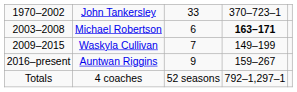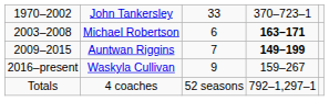 <table class="wikitable" style="text-align:center">
 <tr>
 <td>1970–2002</td>
 <td><a href='#'>John Tankersley</a></td>
 <td>33</td>
 <td>370–723–1</td>
 <td></td>
 </tr>
 <tr>
 <td>2003–2008</td>
 <td><a href='#'>Michael Robertson</a></td>
 <td>6</td>
 <td><strong>163–171</strong></td>
 <td></td>
 </tr>
 <tr>
 <td>2009–2015</td>
-<td><a href='#'>Waskyla Cullivan</a></td>
+<td><a href='#'>Auntwan Riggins</a></td>
 <td>7</td>
-<td>149–199</td>
+<td><strong>149–199</strong></td>
 <td></td>
 </tr>
 <tr>
 <td>2016–present</td>
-<td><a href='#'>Auntwan Riggins</a></td>
+<td><a href='#'>Waskyla Cullivan</a></td>
 <td>9</td>
 <td>159–267</td>
 <td></td>
 </tr>
 <tr class="sortbottom">
 <td>Totals</td>
 <td>4 coaches</td>
 <td>52 seasons</td>
 <td>792–1,297–1</td>
 <td></td>
 </tr>
 </table>
